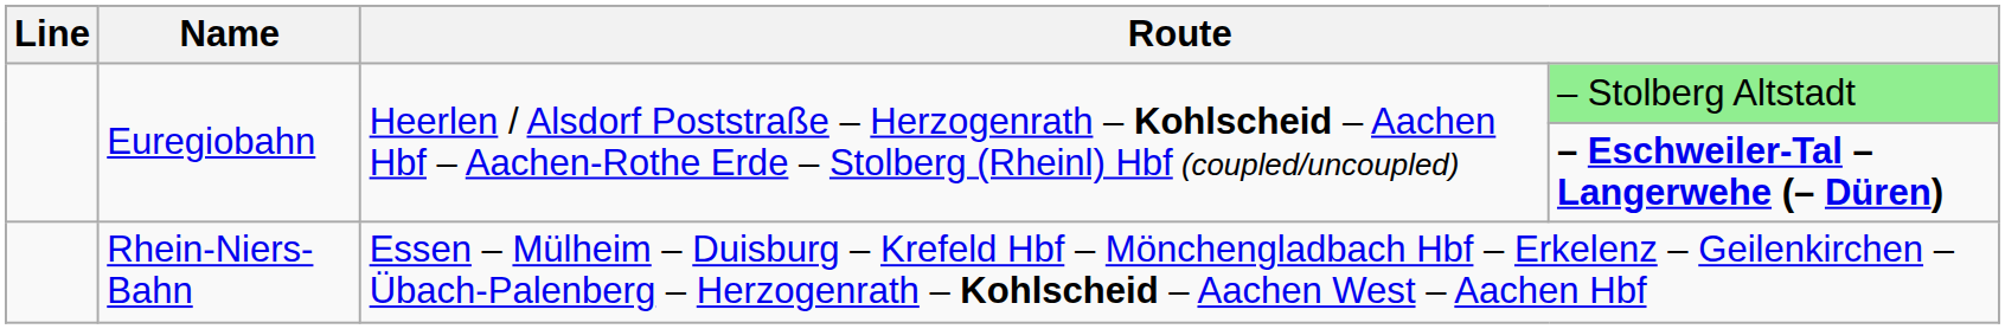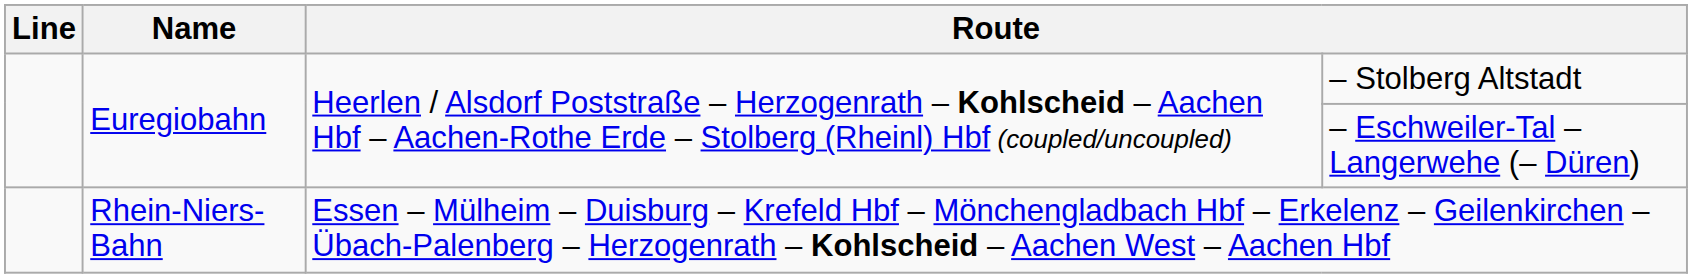 <table class="wikitable">
 <tr>
 <th>Line</th>
 <th>Name</th>
 <th colspan="3">Route</th>
 </tr>
 <tr>
 <td rowspan="2"></td>
 <td rowspan="2"><a href='#'>Euregiobahn</a></td>
 <td rowspan="2"><a href='#'>Heerlen</a> / <a href='#'>Alsdorf Poststraße</a> – <a href='#'>Herzogenrath</a> – <strong>Kohlscheid</strong> – <a href='#'>Aachen Hbf</a> – <a href='#'>Aachen-Rothe Erde</a> – <a href='#'>Stolberg (Rheinl) Hbf</a><small> <em>(coupled/uncoupled)</em></small></td>
-<td style="background: lightgreen;">– Stolberg Altstadt</td>
+<td>– Stolberg Altstadt</td>
 </tr>
 <tr>
-<td><strong>– <a href='#'>Eschweiler-Tal</a> – <a href='#'>Langerwehe</a> (– <a href='#'>Düren</a>)</strong></td>
+<td>– <a href='#'>Eschweiler-Tal</a> – <a href='#'>Langerwehe</a> (– <a href='#'>Düren</a>)</td>
 </tr>
 <tr>
 <td></td>
 <td><a href='#'>Rhein-Niers-Bahn</a></td>
 <td colspan="2"><a href='#'>Essen</a> – <a href='#'>Mülheim</a> – <a href='#'>Duisburg</a> – <a href='#'>Krefeld Hbf</a> – <a href='#'>Mönchengladbach Hbf</a> – <a href='#'>Erkelenz</a> – <a href='#'>Geilenkirchen</a> – <a href='#'>Übach-Palenberg</a> – <a href='#'>Herzogenrath</a> – <strong>Kohlscheid</strong> – <a href='#'>Aachen West</a> – <a href='#'>Aachen Hbf</a></td>
 </tr>
 </table>
